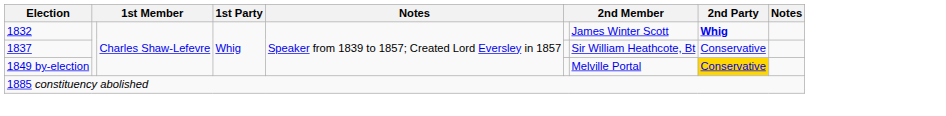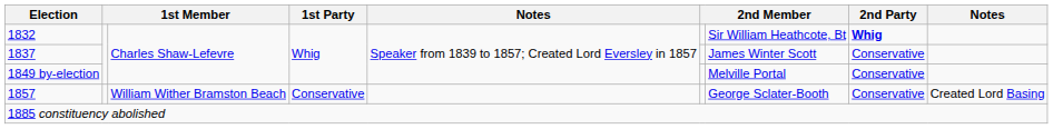 <table class="wikitable">
 <tr>
 <th>Election</th>
 <th colspan="2">1st Member</th>
 <th>1st Party</th>
 <th>Notes</th>
 <th colspan="2">2nd Member</th>
 <th>2nd Party</th>
 <th>Notes</th>
 </tr>
 <tr>
 <td><a href='#'>1832</a></td>
 <td rowspan="3" style="color:inherit;background-color: "></td>
 <td rowspan="3"><a href='#'>Charles Shaw-Lefevre</a></td>
 <td rowspan="3"><a href='#'>Whig</a></td>
 <td rowspan="3"><a href='#'>Speaker</a> from 1839 to 1857; Created Lord <a href='#'>Eversley</a> in 1857</td>
 <td style="color:inherit;background-color: "></td>
-<td><a href='#'>James Winter Scott</a></td>
+<td><a href='#'>Sir William Heathcote, Bt</a></td>
 <td><strong><a href='#'>Whig</a></strong></td>
 <td></td>
 </tr>
 <tr>
 <td><a href='#'>1837</a></td>
 <td style="color:inherit;background-color: "></td>
-<td><a href='#'>Sir William Heathcote, Bt</a></td>
+<td><a href='#'>James Winter Scott</a></td>
 <td><a href='#'>Conservative</a></td>
 <td></td>
 </tr>
 <tr>
 <td><a href='#'>1849 by-election</a></td>
 <td style="color:inherit;background-color: "></td>
 <td><a href='#'>Melville Portal</a></td>
-<td style="background: gold;"><a href='#'>Conservative</a></td>
+<td><a href='#'>Conservative</a></td>
 <td></td>
+</tr>
+<tr>
+<td><a href='#'>1857</a></td>
+<td style="color:inherit;background-color: "></td>
+<td><a href='#'>William Wither Bramston Beach</a></td>
+<td><a href='#'>Conservative</a></td>
+<td></td>
+<td style="color:inherit;background-color: "></td>
+<td><a href='#'>George Sclater-Booth</a></td>
+<td><a href='#'>Conservative</a></td>
+<td>Created Lord <a href='#'>Basing</a></td>
 </tr>
 <tr>
 <td colspan="9"><a href='#'>1885</a> <em>constituency abolished</em></td>
 </tr>
 </table>
